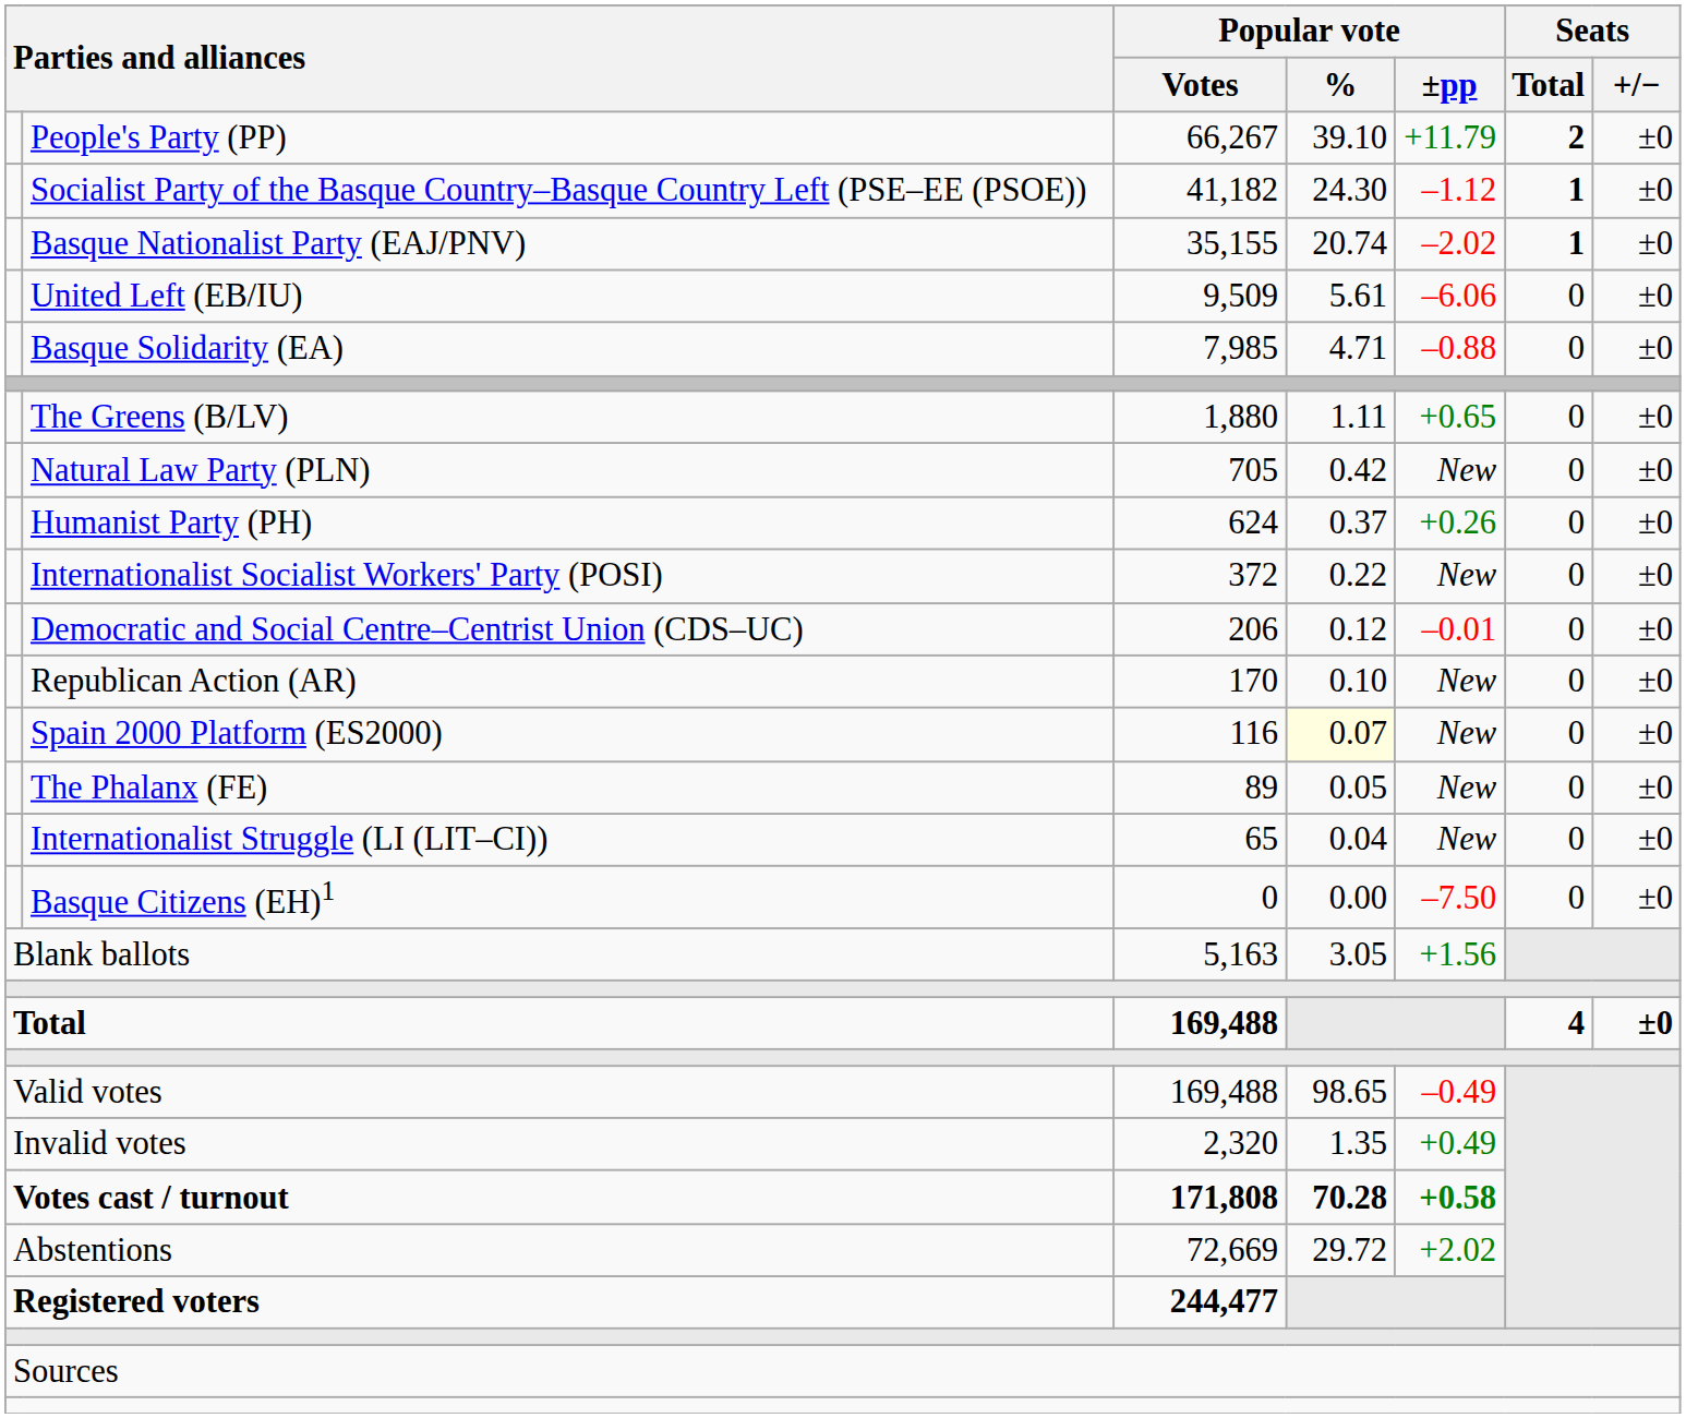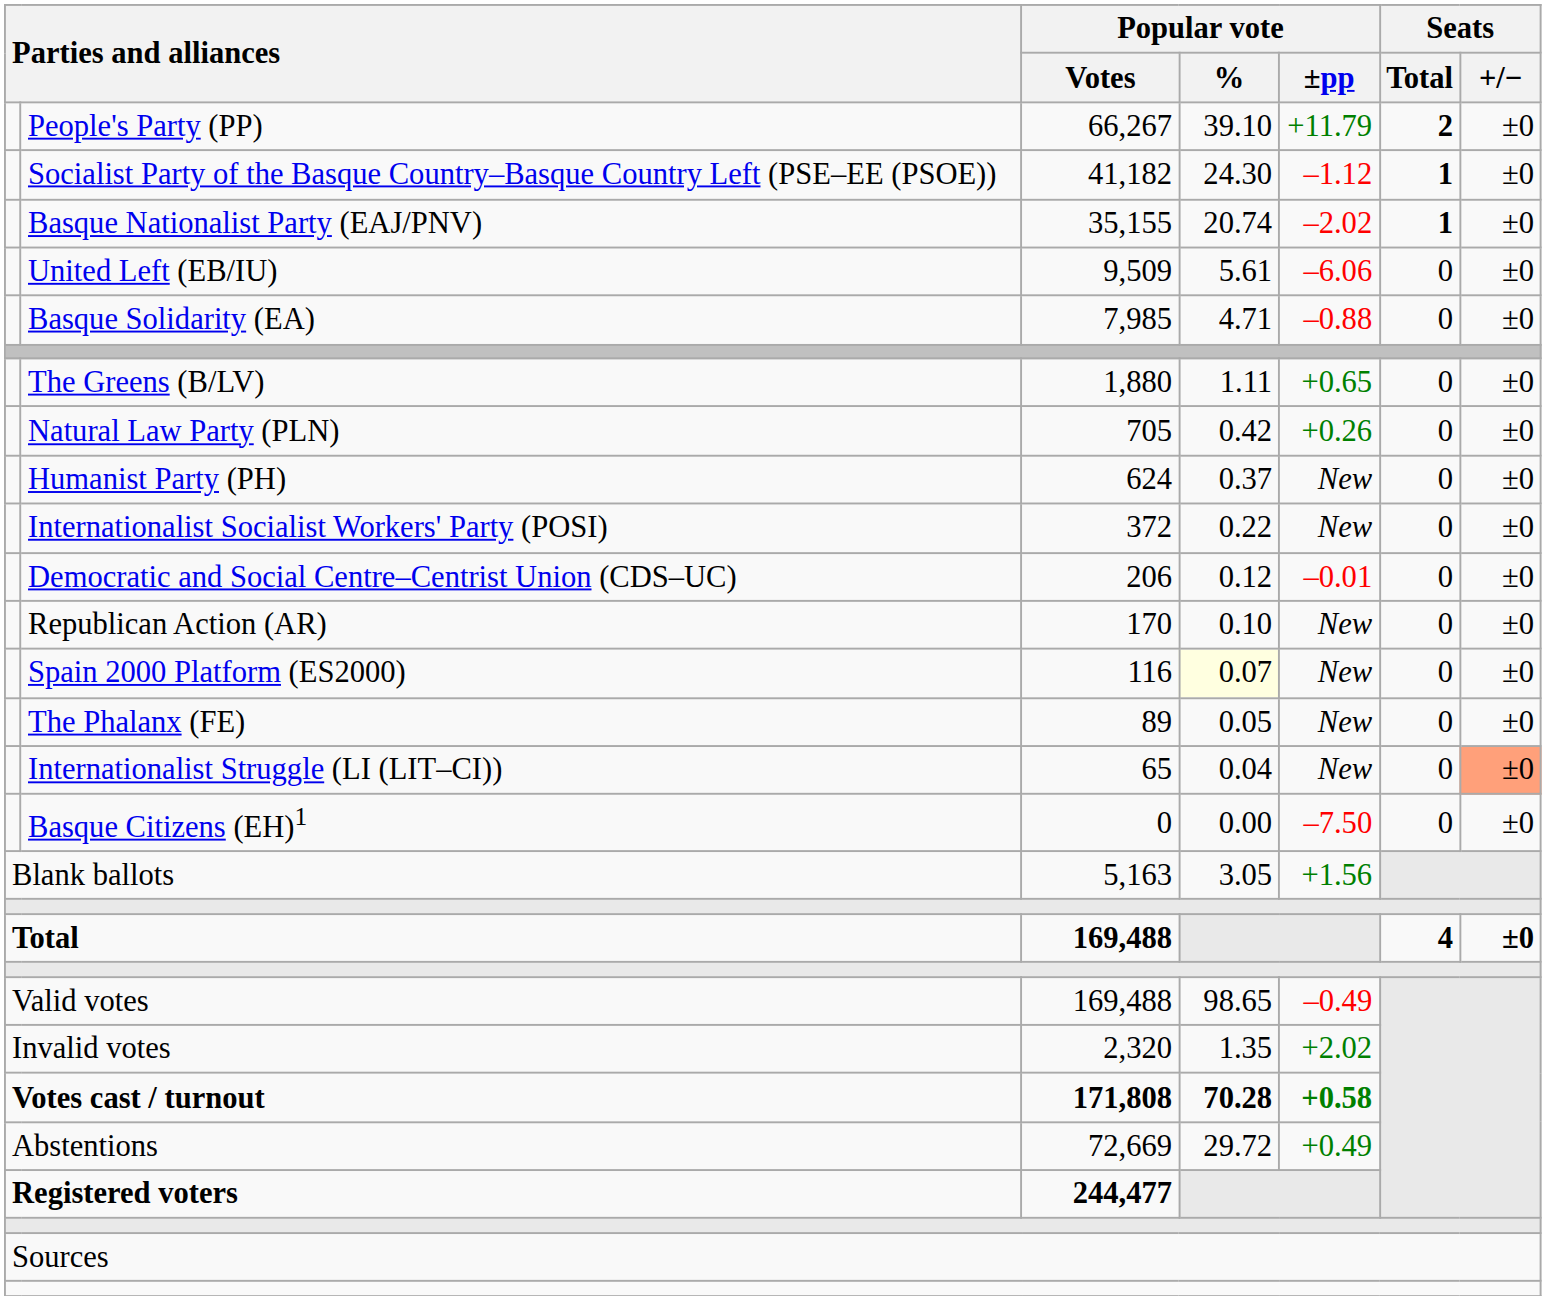 <table class="wikitable" style="text-align:right;">
 <tr>
 <th style="text-align:left;" rowspan="2" colspan="2" width="525">Parties and alliances</th>
 <th colspan="3">Popular vote</th>
 <th colspan="2">Seats</th>
 </tr>
 <tr>
 <th width="75">Votes</th>
 <th width="45">%</th>
 <th width="45">±<a href='#'>pp</a></th>
 <th width="35">Total</th>
 <th width="35">+/−</th>
 </tr>
 <tr>
 <td width="1" style="color:inherit;background:"></td>
 <td align="left"><a href='#'>People's Party</a> (PP)</td>
 <td>66,267</td>
 <td>39.10</td>
 <td style="color:green;">+11.79</td>
 <td><strong>2</strong></td>
 <td>±0</td>
 </tr>
 <tr>
 <td style="color:inherit;background:"></td>
 <td align="left"><a href='#'>Socialist Party of the Basque Country–Basque Country Left</a> (PSE–EE (PSOE))</td>
 <td>41,182</td>
 <td>24.30</td>
 <td style="color:red;">–1.12</td>
 <td><strong>1</strong></td>
 <td>±0</td>
 </tr>
 <tr>
 <td style="color:inherit;background:"></td>
 <td align="left"><a href='#'>Basque Nationalist Party</a> (EAJ/PNV)</td>
 <td>35,155</td>
 <td>20.74</td>
 <td style="color:red;">–2.02</td>
 <td><strong>1</strong></td>
 <td>±0</td>
 </tr>
 <tr>
 <td style="color:inherit;background:"></td>
 <td align="left"><a href='#'>United Left</a> (EB/IU)</td>
 <td>9,509</td>
 <td>5.61</td>
 <td style="color:red;">–6.06</td>
 <td>0</td>
 <td>±0</td>
 </tr>
 <tr>
 <td style="color:inherit;background:"></td>
 <td align="left"><a href='#'>Basque Solidarity</a> (EA)</td>
 <td>7,985</td>
 <td>4.71</td>
 <td style="color:red;">–0.88</td>
 <td>0</td>
 <td>±0</td>
 </tr>
 <tr>
 <td colspan="7" bgcolor="#C0C0C0"></td>
 </tr>
 <tr>
 <td style="color:inherit;background:"></td>
 <td align="left"><a href='#'>The Greens</a> (B/LV)</td>
 <td>1,880</td>
 <td>1.11</td>
 <td style="color:green;">+0.65</td>
 <td>0</td>
 <td>±0</td>
 </tr>
 <tr>
 <td style="color:inherit;background:"></td>
 <td align="left"><a href='#'>Natural Law Party</a> (PLN)</td>
 <td>705</td>
 <td>0.42</td>
-<td><em>New</em></td>
+<td style="color:green;">+0.26</td>
 <td>0</td>
 <td>±0</td>
 </tr>
 <tr>
 <td style="color:inherit;background:"></td>
 <td align="left"><a href='#'>Humanist Party</a> (PH)</td>
 <td>624</td>
 <td>0.37</td>
-<td style="color:green;">+0.26</td>
+<td><em>New</em></td>
 <td>0</td>
 <td>±0</td>
 </tr>
 <tr>
 <td style="color:inherit;background:"></td>
 <td align="left"><a href='#'>Internationalist Socialist Workers' Party</a> (POSI)</td>
 <td>372</td>
 <td>0.22</td>
 <td><em>New</em></td>
 <td>0</td>
 <td>±0</td>
 </tr>
 <tr>
 <td style="color:inherit;background:"></td>
 <td align="left"><a href='#'>Democratic and Social Centre–Centrist Union</a> (CDS–UC)</td>
 <td>206</td>
 <td>0.12</td>
 <td style="color:red;">–0.01</td>
 <td>0</td>
 <td>±0</td>
 </tr>
 <tr>
 <td style="color:inherit;background:"></td>
 <td align="left">Republican Action (AR)</td>
 <td>170</td>
 <td>0.10</td>
 <td><em>New</em></td>
 <td>0</td>
 <td>±0</td>
 </tr>
 <tr>
 <td style="color:inherit;background:"></td>
 <td align="left"><a href='#'>Spain 2000 Platform</a> (ES2000)</td>
 <td>116</td>
 <td style="background: lightyellow;">0.07</td>
 <td><em>New</em></td>
 <td>0</td>
 <td>±0</td>
 </tr>
 <tr>
 <td style="color:inherit;background:"></td>
 <td align="left"><a href='#'>The Phalanx</a> (FE)</td>
 <td>89</td>
 <td>0.05</td>
 <td><em>New</em></td>
 <td>0</td>
 <td>±0</td>
 </tr>
 <tr>
 <td style="color:inherit;background:"></td>
 <td align="left"><a href='#'>Internationalist Struggle</a> (LI (LIT–CI))</td>
 <td>65</td>
 <td>0.04</td>
 <td><em>New</em></td>
 <td>0</td>
-<td>±0</td>
+<td style="background: lightsalmon;">±0</td>
 </tr>
 <tr>
 <td style="color:inherit;background:"></td>
 <td align="left"><a href='#'>Basque Citizens</a> (EH)<sup>1</sup></td>
 <td>0</td>
 <td>0.00</td>
 <td style="color:red;">–7.50</td>
 <td>0</td>
 <td>±0</td>
 </tr>
 <tr>
 <td align="left" colspan="2">Blank ballots</td>
 <td>5,163</td>
 <td>3.05</td>
 <td style="color:green;">+1.56</td>
 <td bgcolor="#E9E9E9" colspan="2"></td>
 </tr>
 <tr>
 <td colspan="7" bgcolor="#E9E9E9"></td>
 </tr>
 <tr style="font-weight:bold;">
 <td align="left" colspan="2">Total</td>
 <td>169,488</td>
 <td bgcolor="#E9E9E9" colspan="2"></td>
 <td>4</td>
 <td>±0</td>
 </tr>
 <tr>
 <td colspan="7" bgcolor="#E9E9E9"></td>
 </tr>
 <tr>
 <td align="left" colspan="2">Valid votes</td>
 <td>169,488</td>
 <td>98.65</td>
 <td style="color:red;">–0.49</td>
 <td bgcolor="#E9E9E9" colspan="2" rowspan="5"></td>
 </tr>
 <tr>
 <td align="left" colspan="2">Invalid votes</td>
 <td>2,320</td>
 <td>1.35</td>
-<td style="color:green;">+0.49</td>
+<td style="color:green;">+2.02</td>
 </tr>
 <tr style="font-weight:bold;">
 <td align="left" colspan="2">Votes cast / turnout</td>
 <td>171,808</td>
 <td>70.28</td>
 <td style="color:green;">+0.58</td>
 </tr>
 <tr>
 <td align="left" colspan="2">Abstentions</td>
 <td>72,669</td>
 <td>29.72</td>
-<td style="color:green;">+2.02</td>
+<td style="color:green;">+0.49</td>
 </tr>
 <tr style="font-weight:bold;">
 <td align="left" colspan="2">Registered voters</td>
 <td>244,477</td>
 <td bgcolor="#E9E9E9" colspan="2"></td>
 </tr>
 <tr>
 <td colspan="7" bgcolor="#E9E9E9"></td>
 </tr>
 <tr>
 <td align="left" colspan="7">Sources</td>
 </tr>
 <tr>
 <td colspan="7" style="text-align:left; max-width:790px;"></td>
 </tr>
 </table>
